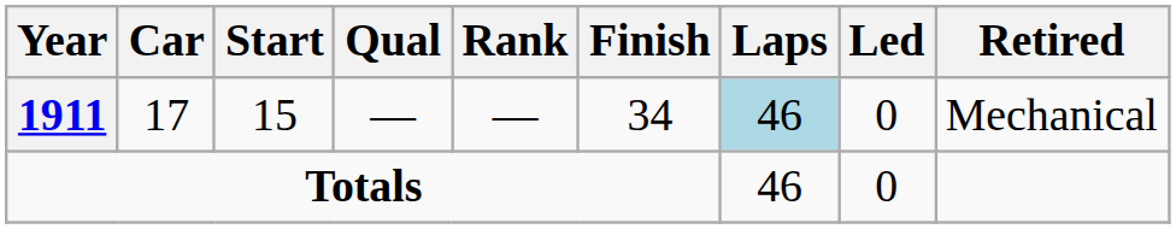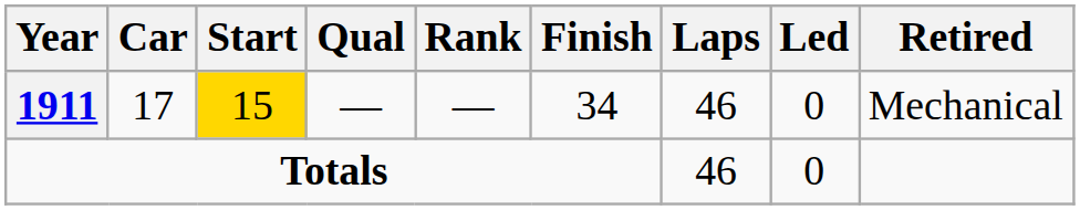 <table class="wikitable" style="text-align:center">
 <tr>
 <th>Year</th>
 <th>Car</th>
 <th>Start</th>
 <th>Qual</th>
 <th>Rank</th>
 <th>Finish</th>
 <th>Laps</th>
 <th>Led</th>
 <th>Retired</th>
 </tr>
 <tr>
 <th><a href='#'>1911</a></th>
 <td>17</td>
-<td>15</td>
+<td style="background: gold;">15</td>
 <td>—</td>
 <td>—</td>
 <td>34</td>
-<td style="background: lightblue;">46</td>
+<td>46</td>
 <td>0</td>
 <td>Mechanical</td>
 </tr>
 <tr>
 <td colspan=6><strong>Totals</strong></td>
 <td>46</td>
 <td>0</td>
 <td></td>
 </tr>
 </table>
